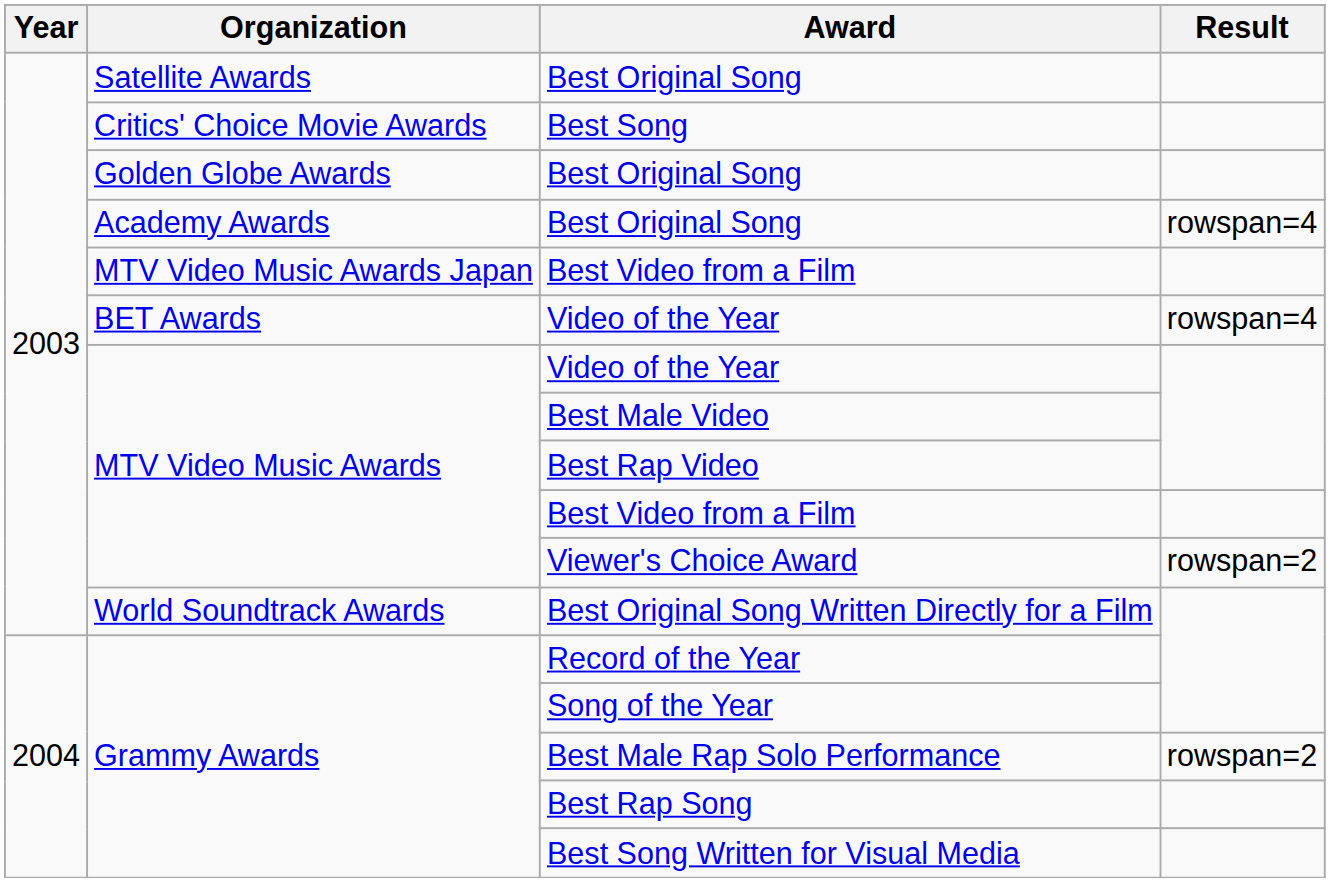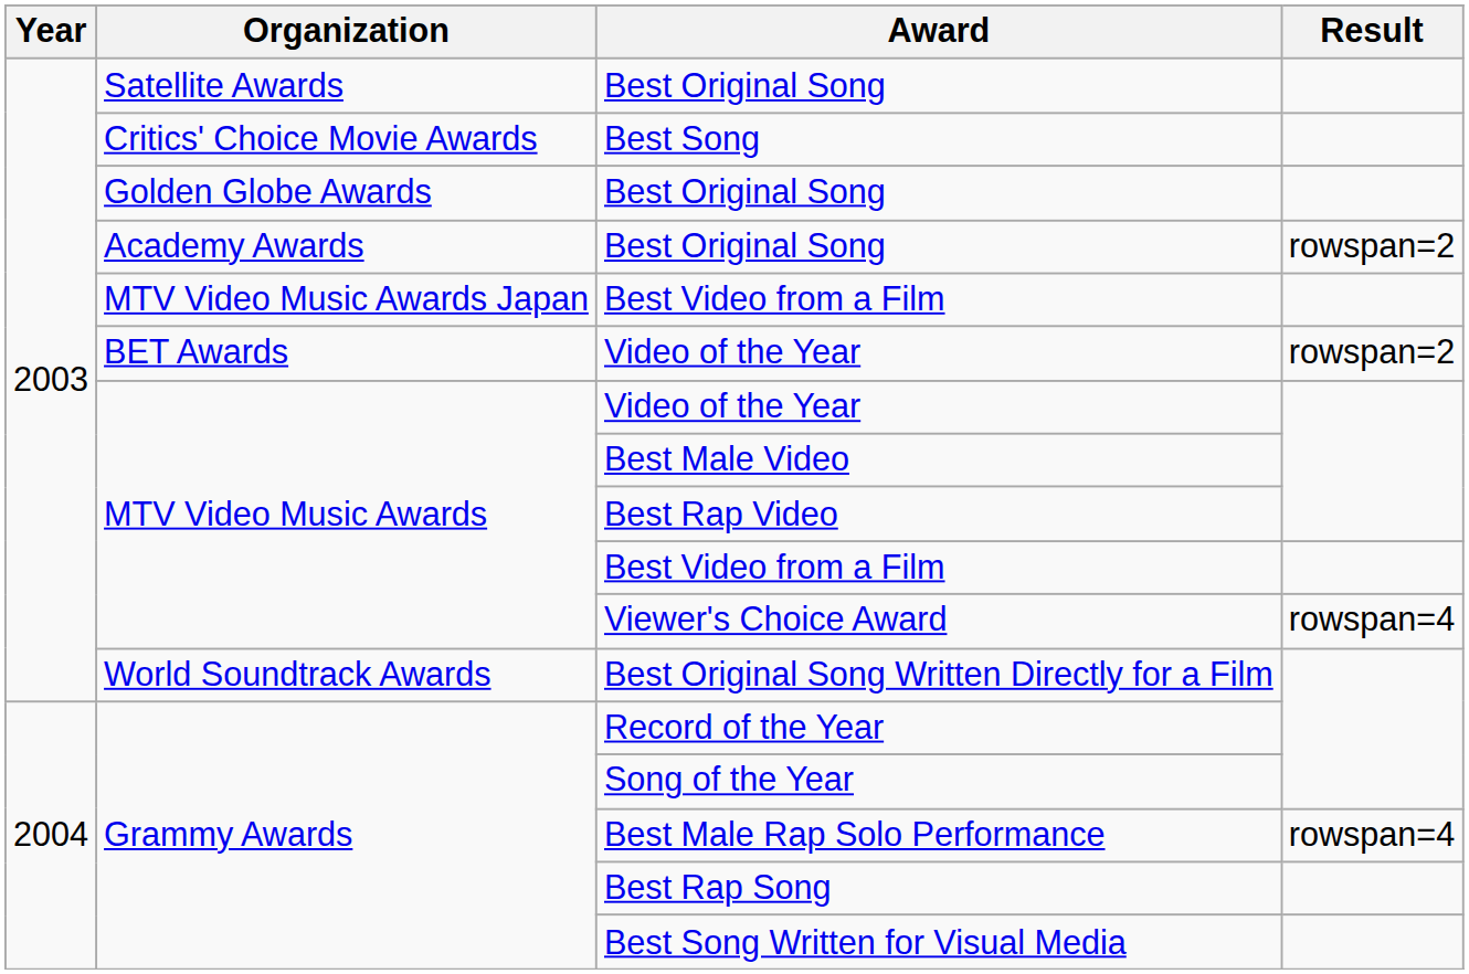 <table class="wikitable">
 <tr>
 <th>Year</th>
 <th>Organization</th>
 <th>Award</th>
 <th>Result</th>
 </tr>
 <tr>
 <td rowspan=12>2003</td>
 <td><a href='#'>Satellite Awards</a></td>
 <td><a href='#'>Best Original Song</a></td>
 <td></td>
 </tr>
 <tr>
 <td><a href='#'>Critics' Choice Movie Awards</a></td>
 <td><a href='#'>Best Song</a></td>
 <td></td>
 </tr>
 <tr>
 <td><a href='#'>Golden Globe Awards</a></td>
 <td><a href='#'>Best Original Song</a></td>
 <td></td>
 </tr>
 <tr>
 <td><a href='#'>Academy Awards</a></td>
 <td><a href='#'>Best Original Song</a></td>
-<td>rowspan=4 </td>
+<td>rowspan=2 </td>
 </tr>
 <tr>
 <td><a href='#'>MTV Video Music Awards Japan</a></td>
 <td><a href='#'>Best Video from a Film</a></td>
 </tr>
 <tr>
 <td><a href='#'>BET Awards</a></td>
 <td><a href='#'>Video of the Year</a></td>
-<td>rowspan=4 </td>
+<td>rowspan=2 </td>
 </tr>
 <tr>
 <td rowspan=5><a href='#'>MTV Video Music Awards</a></td>
 <td><a href='#'>Video of the Year</a></td>
 </tr>
 <tr>
 <td><a href='#'>Best Male Video</a></td>
 </tr>
 <tr>
 <td><a href='#'>Best Rap Video</a></td>
 </tr>
 <tr>
 <td><a href='#'>Best Video from a Film</a></td>
 <td></td>
 </tr>
 <tr>
 <td><a href='#'>Viewer's Choice Award</a></td>
-<td>rowspan=2 </td>
+<td>rowspan=4 </td>
 </tr>
 <tr>
 <td><a href='#'>World Soundtrack Awards</a></td>
 <td><a href='#'>Best Original Song Written Directly for a Film</a></td>
 </tr>
 <tr>
 <td rowspan=5>2004</td>
 <td rowspan=5><a href='#'>Grammy Awards</a></td>
 <td><a href='#'>Record of the Year</a></td>
 </tr>
 <tr>
 <td><a href='#'>Song of the Year</a></td>
 </tr>
 <tr>
 <td><a href='#'>Best Male Rap Solo Performance</a></td>
-<td>rowspan=2 </td>
+<td>rowspan=4 </td>
 </tr>
 <tr>
 <td><a href='#'>Best Rap Song</a></td>
 </tr>
 <tr>
 <td><a href='#'>Best Song Written for Visual Media</a></td>
 <td></td>
 </tr>
 <tr>
 </tr>
 </table>
